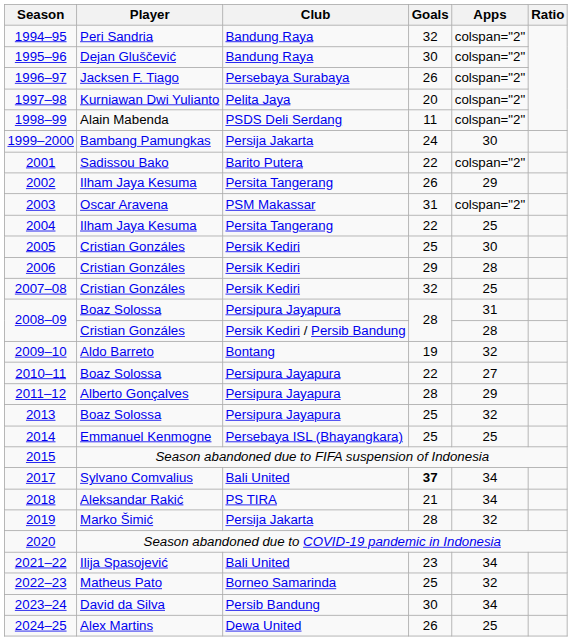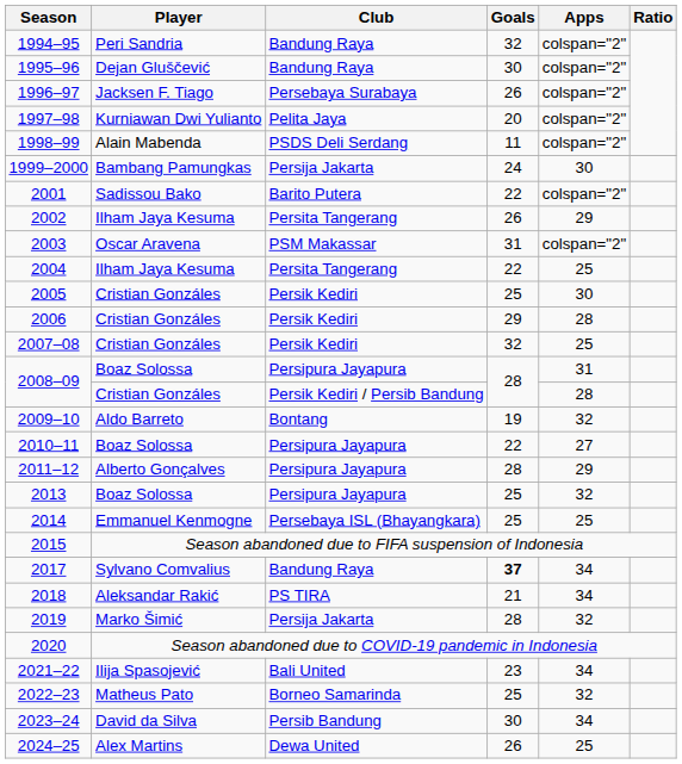 <table class="wikitable sortable">
 <tr>
 <th scope="col">Season</th>
 <th scope="col">Player</th>
 <th scope="col">Club</th>
 <th scope="col">Goals</th>
 <th scope="col">Apps</th>
 <th scope="col">Ratio</th>
 </tr>
 <tr>
 <td scope="row" align="center"><a href='#'>1994–95</a></td>
 <td> <a href='#'>Peri Sandria</a></td>
 <td><a href='#'>Bandung Raya</a></td>
 <td style="text-align:center">32</td>
 <td>colspan="2" </td>
 </tr>
 <tr>
 <td scope="row" align="center"><a href='#'>1995–96</a></td>
 <td> <a href='#'>Dejan Gluščević</a></td>
 <td><a href='#'>Bandung Raya</a></td>
 <td style="text-align:center">30</td>
 <td>colspan="2" </td>
 </tr>
 <tr>
 <td align="center"><a href='#'>1996–97</a></td>
 <td> <a href='#'>Jacksen F. Tiago</a></td>
 <td><a href='#'>Persebaya Surabaya</a></td>
 <td style="text-align:center">26</td>
 <td>colspan="2" </td>
 </tr>
 <tr>
 <td align="center"><a href='#'>1997–98</a></td>
 <td> <a href='#'>Kurniawan Dwi Yulianto</a></td>
 <td><a href='#'>Pelita Jaya</a></td>
 <td style="text-align:center">20</td>
 <td>colspan="2" </td>
 </tr>
 <tr>
 <td align="center"><a href='#'>1998–99</a></td>
 <td> Alain Mabenda</td>
 <td><a href='#'>PSDS Deli Serdang</a></td>
 <td style="text-align:center">11</td>
 <td>colspan="2" </td>
 </tr>
 <tr>
 <td align="center"><a href='#'>1999–2000</a></td>
 <td> <a href='#'>Bambang Pamungkas</a></td>
 <td><a href='#'>Persija Jakarta</a></td>
 <td style="text-align:center">24</td>
 <td style="text-align:center">30</td>
 <td style="text-align:center"></td>
 </tr>
 <tr>
 <td align="center"><a href='#'>2001</a></td>
 <td> <a href='#'>Sadissou Bako</a></td>
 <td><a href='#'>Barito Putera</a></td>
 <td style="text-align:center">22</td>
 <td>colspan="2" </td>
 </tr>
 <tr>
 <td align="center"><a href='#'>2002</a></td>
 <td> <a href='#'>Ilham Jaya Kesuma</a></td>
 <td><a href='#'>Persita Tangerang</a></td>
 <td style="text-align:center">26</td>
 <td style="text-align:center">29</td>
 <td style="text-align:center"></td>
 </tr>
 <tr>
 <td align="center"><a href='#'>2003</a></td>
 <td> <a href='#'>Oscar Aravena</a></td>
 <td><a href='#'>PSM Makassar</a></td>
 <td style="text-align:center">31</td>
 <td>colspan="2" </td>
 </tr>
 <tr>
 <td align="center"><a href='#'>2004</a></td>
 <td> <a href='#'>Ilham Jaya Kesuma</a></td>
 <td><a href='#'>Persita Tangerang</a></td>
 <td style="text-align:center">22</td>
 <td style="text-align:center">25</td>
 <td style="text-align:center"></td>
 </tr>
 <tr>
 <td align="center"><a href='#'>2005</a></td>
 <td> <a href='#'>Cristian Gonzáles</a></td>
 <td><a href='#'>Persik Kediri</a></td>
 <td style="text-align:center">25</td>
 <td style="text-align:center">30</td>
 <td style="text-align:center"></td>
 </tr>
 <tr>
 <td align="center"><a href='#'>2006</a></td>
 <td> <a href='#'>Cristian Gonzáles</a></td>
 <td><a href='#'>Persik Kediri</a></td>
 <td style="text-align:center">29</td>
 <td style="text-align:center">28</td>
 <td style="text-align:center"></td>
 </tr>
 <tr>
 <td align="center"><a href='#'>2007–08</a></td>
 <td> <a href='#'>Cristian Gonzáles</a></td>
 <td><a href='#'>Persik Kediri</a></td>
 <td style="text-align:center">32</td>
 <td style="text-align:center">25</td>
 <td style="text-align:center"></td>
 </tr>
 <tr>
 <td rowspan="2" align="center"><a href='#'>2008–09</a></td>
 <td> <a href='#'>Boaz Solossa</a></td>
 <td><a href='#'>Persipura Jayapura</a></td>
 <td rowspan="2" style="text-align:center">28</td>
 <td style="text-align:center">31</td>
 <td style="text-align:center"></td>
 </tr>
 <tr>
 <td> <a href='#'>Cristian Gonzáles</a></td>
 <td><a href='#'>Persik Kediri</a> / <a href='#'>Persib Bandung</a></td>
 <td style="text-align:center">28</td>
 <td style="text-align:center"></td>
 </tr>
 <tr>
 <td align="center"><a href='#'>2009–10</a></td>
 <td> <a href='#'>Aldo Barreto</a></td>
 <td><a href='#'>Bontang</a></td>
 <td style="text-align:center">19</td>
 <td style="text-align:center">32</td>
 <td style="text-align:center"></td>
 </tr>
 <tr>
 <td align="center"><a href='#'>2010–11</a></td>
 <td> <a href='#'>Boaz Solossa</a></td>
 <td><a href='#'>Persipura Jayapura</a></td>
 <td style="text-align:center">22</td>
 <td style="text-align:center">27</td>
 <td style="text-align:center"></td>
 </tr>
 <tr>
 <td align="center"><a href='#'>2011–12</a></td>
 <td> <a href='#'>Alberto Gonçalves</a></td>
 <td><a href='#'>Persipura Jayapura</a></td>
 <td style="text-align:center">28</td>
 <td style="text-align:center">29</td>
 <td style="text-align:center"></td>
 </tr>
 <tr>
 <td align="center"><a href='#'>2013</a></td>
 <td> <a href='#'>Boaz Solossa</a></td>
 <td><a href='#'>Persipura Jayapura</a></td>
 <td style="text-align:center">25</td>
 <td style="text-align:center">32</td>
 <td style="text-align:center"></td>
 </tr>
 <tr>
 <td align="center"><a href='#'>2014</a></td>
 <td> <a href='#'>Emmanuel Kenmogne</a></td>
 <td><a href='#'>Persebaya ISL (Bhayangkara)</a></td>
 <td style="text-align:center">25</td>
 <td style="text-align:center">25</td>
 <td style="text-align:center"></td>
 </tr>
 <tr>
 <td align="center"><a href='#'>2015</a></td>
 <td align="center" colspan="5"><em>Season abandoned due to FIFA suspension of Indonesia</em></td>
 </tr>
 <tr>
 <td align="center"><a href='#'>2017</a></td>
 <td> <a href='#'>Sylvano Comvalius</a></td>
-<td><a href='#'>Bali United</a></td>
+<td><a href='#'>Bandung Raya</a></td>
 <td style="text-align:center"><strong>37</strong></td>
 <td style="text-align:center">34</td>
 <td style="text-align:center"></td>
 </tr>
 <tr>
 <td align="center"><a href='#'>2018</a></td>
 <td> <a href='#'>Aleksandar Rakić</a></td>
 <td><a href='#'>PS TIRA</a></td>
 <td style="text-align:center">21</td>
 <td style="text-align:center">34</td>
 <td style="text-align:center"></td>
 </tr>
 <tr>
 <td align="center"><a href='#'>2019</a></td>
 <td> <a href='#'>Marko Šimić</a></td>
 <td><a href='#'>Persija Jakarta</a></td>
 <td style="text-align:center">28</td>
 <td style="text-align:center">32</td>
 <td style="text-align:center"></td>
 </tr>
 <tr>
 <td align="center"><a href='#'>2020</a></td>
 <td align="center" colspan="5"><em>Season abandoned due to <a href='#'>COVID-19 pandemic in Indonesia</a></em></td>
 </tr>
 <tr>
 <td align="center"><a href='#'>2021–22</a></td>
 <td> <a href='#'>Ilija Spasojević</a></td>
 <td><a href='#'>Bali United</a></td>
 <td style="text-align:center">23</td>
 <td style="text-align:center">34</td>
 <td style="text-align:center"></td>
 </tr>
 <tr>
 <td align="center"><a href='#'>2022–23</a></td>
 <td> <a href='#'>Matheus Pato</a></td>
 <td><a href='#'>Borneo Samarinda</a></td>
 <td style="text-align:center">25</td>
 <td style="text-align:center">32</td>
 <td style="text-align:center"></td>
 </tr>
 <tr>
 <td align="center"><a href='#'>2023–24</a></td>
 <td> <a href='#'>David da Silva</a></td>
 <td><a href='#'>Persib Bandung</a></td>
 <td style="text-align:center">30</td>
 <td style="text-align:center">34</td>
 <td style="text-align:center"></td>
 </tr>
 <tr>
 <td align="center"><a href='#'>2024–25</a></td>
 <td> <a href='#'>Alex Martins</a></td>
 <td><a href='#'>Dewa United</a></td>
 <td style="text-align:center">26</td>
 <td style="text-align:center">25</td>
 <td style="text-align:center"></td>
 </tr>
 </table>
